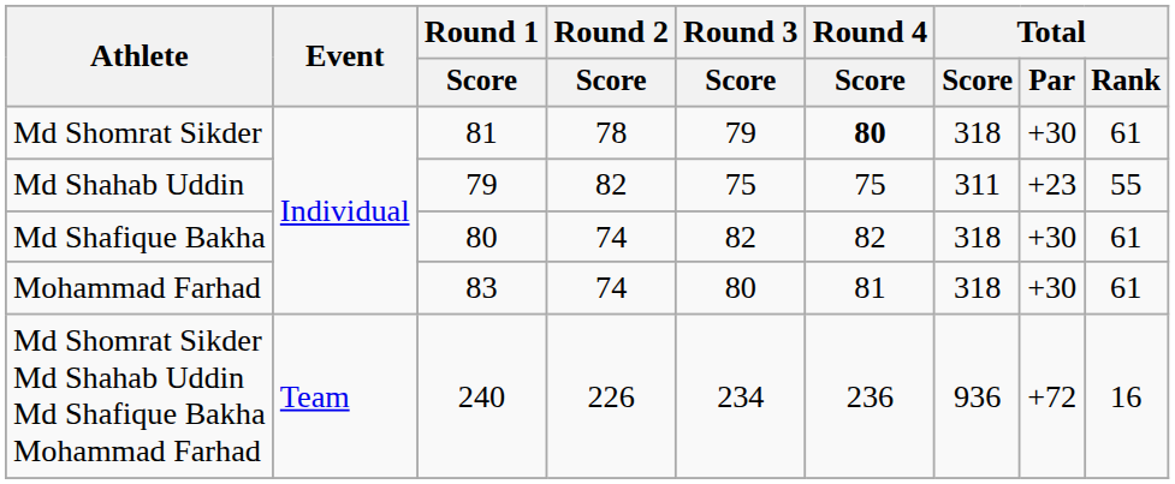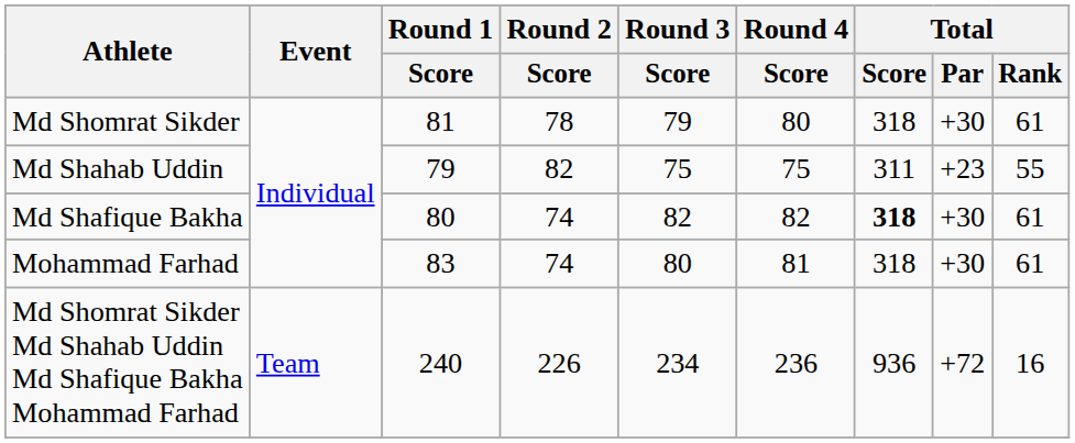 <table class=wikitable style=font-size:90%;text-align:center>
 <tr>
 <th rowspan=2>Athlete</th>
 <th rowspan=2>Event</th>
 <th>Round 1</th>
 <th>Round 2</th>
 <th>Round 3</th>
 <th>Round 4</th>
 <th colspan=3>Total</th>
 </tr>
 <tr style="font-size:95%">
 <th>Score</th>
 <th>Score</th>
 <th>Score</th>
 <th>Score</th>
 <th>Score</th>
 <th>Par</th>
 <th>Rank</th>
 </tr>
 <tr>
 <td align=left>Md Shomrat Sikder</td>
 <td align=left rowspan=4><a href='#'>Individual</a></td>
 <td>81</td>
 <td>78</td>
 <td>79</td>
-<td><strong>80</strong></td>
+<td>80</td>
 <td>318</td>
 <td>+30</td>
 <td>61</td>
 </tr>
 <tr>
 <td align=left>Md Shahab Uddin</td>
 <td>79</td>
 <td>82</td>
 <td>75</td>
 <td>75</td>
 <td>311</td>
 <td>+23</td>
 <td>55</td>
 </tr>
 <tr>
 <td align=left>Md Shafique Bakha</td>
 <td>80</td>
 <td>74</td>
 <td>82</td>
 <td>82</td>
-<td>318</td>
+<td><strong>318</strong></td>
 <td>+30</td>
 <td>61</td>
 </tr>
 <tr>
 <td align=left>Mohammad Farhad</td>
 <td>83</td>
 <td>74</td>
 <td>80</td>
 <td>81</td>
 <td>318</td>
 <td>+30</td>
 <td>61</td>
 </tr>
 <tr>
 <td align=left>Md Shomrat Sikder<br>Md Shahab Uddin<br>Md Shafique Bakha<br>Mohammad Farhad</td>
 <td align=left><a href='#'>Team</a></td>
 <td>240</td>
 <td>226</td>
 <td>234</td>
 <td>236</td>
 <td>936</td>
 <td>+72</td>
 <td>16</td>
 </tr>
 </table>
